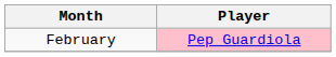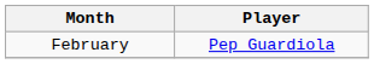 <table class="wikitable" style="text-align:center">
 <tr>
 <th>Month</th>
 <th>Player</th>
 </tr>
 <tr>
 <td style="width:130px;">February</td>
-<td style="background: pink; width:150px;"> <a href='#'>Pep Guardiola</a></td>
+<td style="width:150px;"> <a href='#'>Pep Guardiola</a></td>
 </tr>
 <tr>
 </tr>
 </table>
